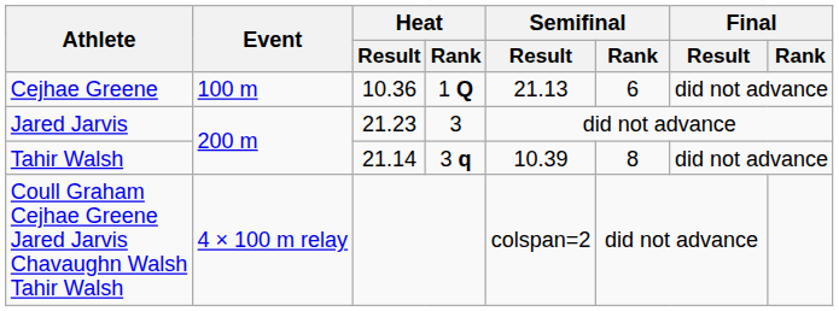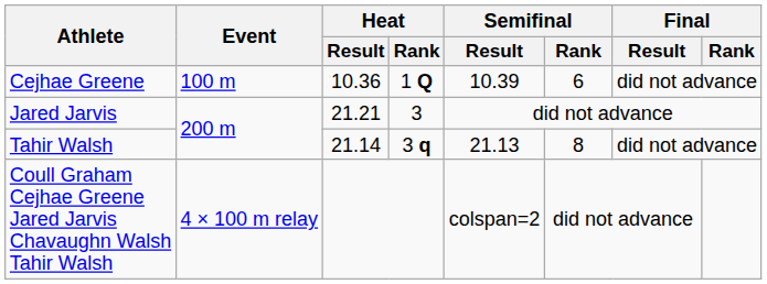 <table class="wikitable" style="font-size:90%">
 <tr>
 <th rowspan=2>Athlete</th>
 <th rowspan=2>Event</th>
 <th colspan=2>Heat</th>
 <th colspan=2>Semifinal</th>
 <th colspan=2>Final</th>
 </tr>
 <tr style="font-size:95%">
 <th>Result</th>
 <th>Rank</th>
 <th>Result</th>
 <th>Rank</th>
 <th>Result</th>
 <th>Rank</th>
 </tr>
 <tr align=center>
 <td align=left><a href='#'>Cejhae Greene</a></td>
 <td align=left><a href='#'>100 m</a></td>
 <td>10.36</td>
 <td>1 <strong>Q</strong></td>
-<td>21.13</td>
+<td>10.39</td>
 <td>6</td>
 <td colspan=2>did not advance</td>
 </tr>
 <tr align=center>
 <td align=left><a href='#'>Jared Jarvis</a></td>
 <td align=left rowspan=2><a href='#'>200 m</a></td>
-<td>21.23</td>
+<td>21.21</td>
 <td>3</td>
 <td colspan=4>did not advance</td>
 </tr>
 <tr align=center>
 <td align=left><a href='#'>Tahir Walsh</a></td>
 <td>21.14</td>
 <td>3 <strong>q</strong></td>
-<td>10.39</td>
+<td>21.13</td>
 <td>8</td>
 <td colspan=2>did not advance</td>
 </tr>
 <tr align=center>
 <td align=left><a href='#'>Coull Graham</a><br><a href='#'>Cejhae Greene</a><br><a href='#'>Jared Jarvis</a><br><a href='#'>Chavaughn Walsh</a><br><a href='#'>Tahir Walsh</a></td>
 <td align=left><a href='#'>4 × 100 m relay</a></td>
 <td colspan=2></td>
 <td>colspan=2 </td>
 <td colspan=2>did not advance</td>
 </tr>
 </table>
